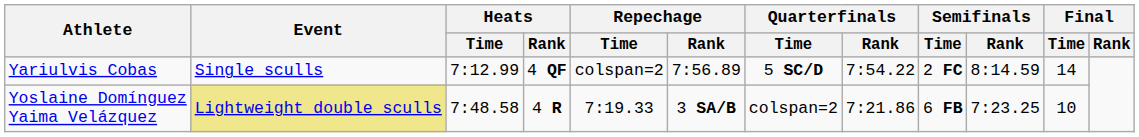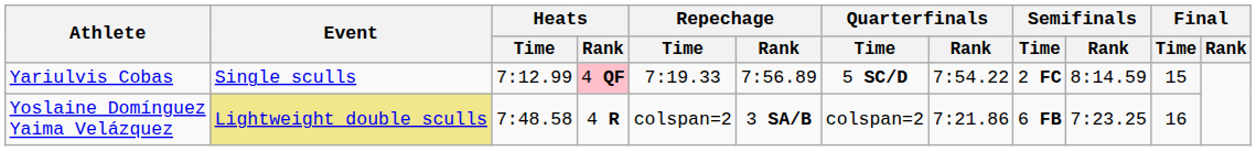 <table class="wikitable" style="font-size:90%">
 <tr>
 <th rowspan=2>Athlete</th>
 <th rowspan=2>Event</th>
 <th colspan="2">Heats</th>
 <th colspan="2">Repechage</th>
 <th colspan=2>Quarterfinals</th>
 <th colspan="2">Semifinals</th>
 <th colspan="2">Final</th>
 </tr>
 <tr style="font-size:95%">
 <th>Time</th>
 <th>Rank</th>
 <th>Time</th>
 <th>Rank</th>
 <th>Time</th>
 <th>Rank</th>
 <th>Time</th>
 <th>Rank</th>
 <th>Time</th>
 <th>Rank</th>
 </tr>
 <tr align=center>
 <td align=left><a href='#'>Yariulvis Cobas</a></td>
 <td align=left><a href='#'>Single sculls</a></td>
 <td>7:12.99</td>
-<td>4 <strong>QF</strong></td>
-<td>colspan=2 </td>
+<td style="background: pink;">4 <strong>QF</strong></td>
+<td>7:19.33</td>
 <td>7:56.89</td>
 <td>5 <strong>SC/D</strong></td>
 <td>7:54.22</td>
 <td>2 <strong>FC</strong></td>
 <td>8:14.59</td>
-<td>14</td>
+<td>15</td>
 </tr>
 <tr align=center>
 <td align=left><a href='#'>Yoslaine Domínguez</a><br><a href='#'>Yaima Velázquez</a></td>
 <td align=left style="background: khaki;"><a href='#'>Lightweight double sculls</a></td>
 <td>7:48.58</td>
 <td>4 <strong>R</strong></td>
-<td>7:19.33</td>
+<td>colspan=2 </td>
 <td>3 <strong>SA/B</strong></td>
 <td>colspan=2 </td>
 <td>7:21.86</td>
 <td>6 <strong>FB</strong></td>
 <td>7:23.25</td>
-<td>10</td>
+<td>16</td>
 </tr>
 </table>
